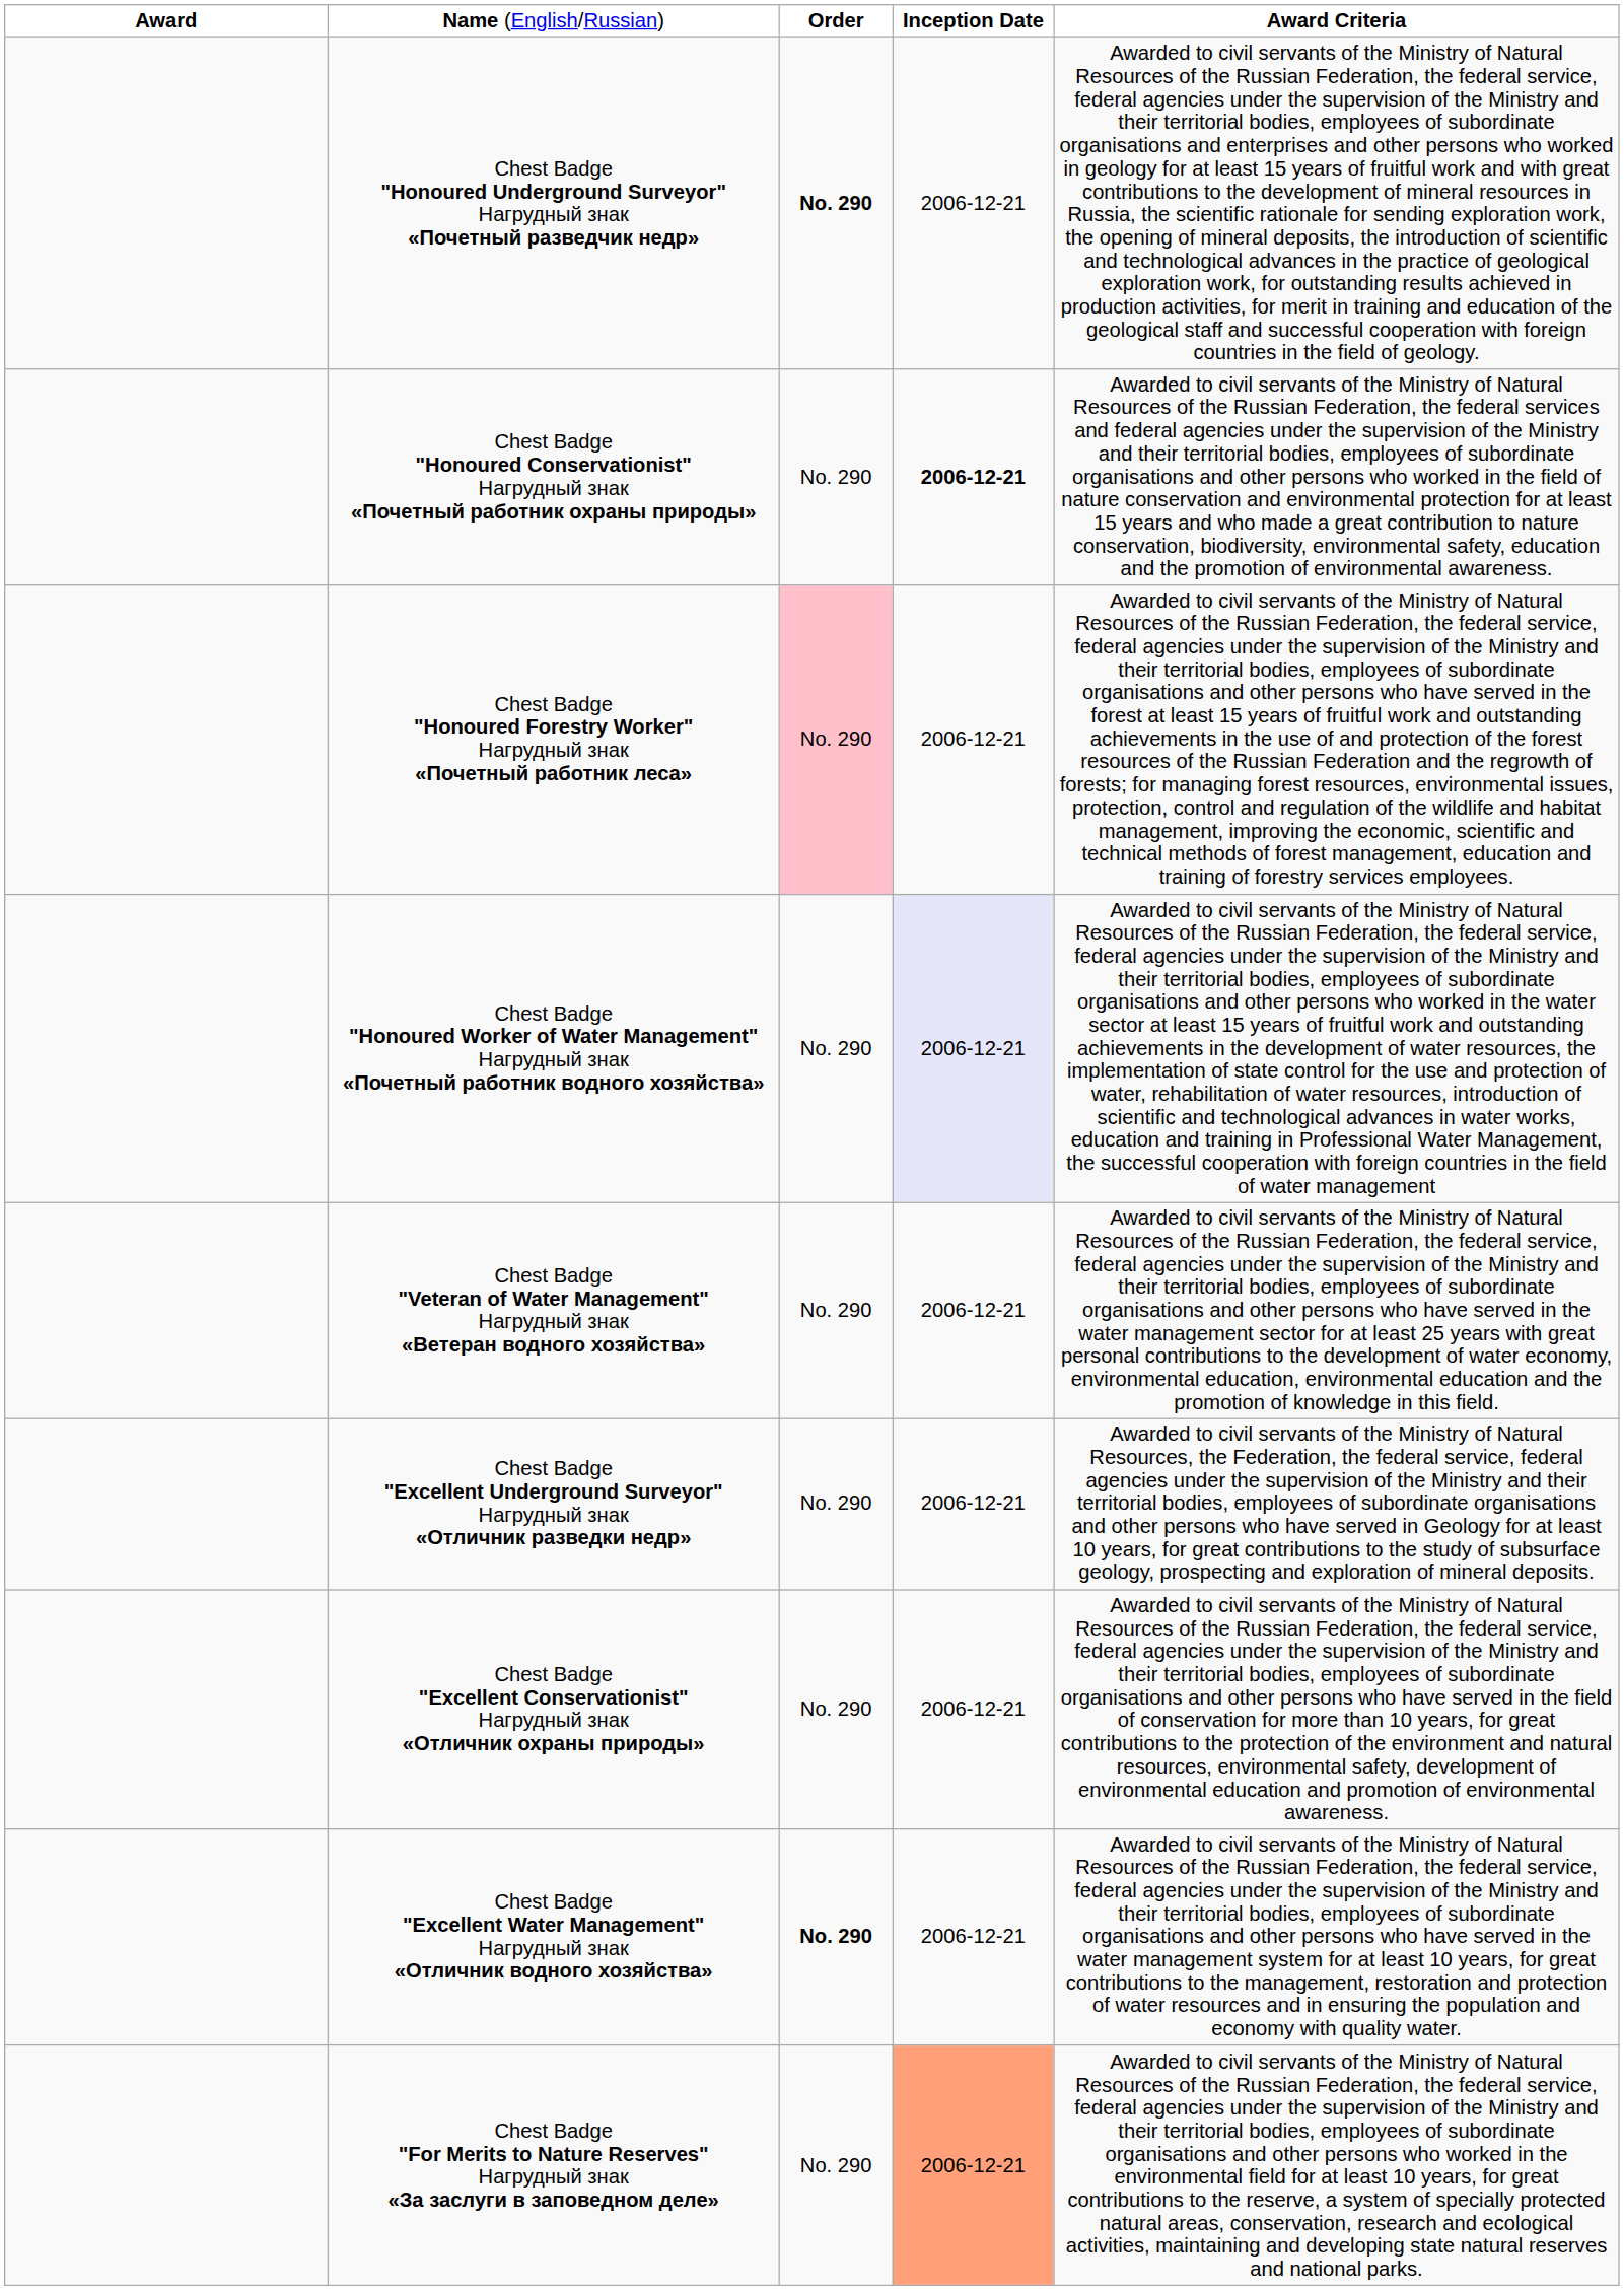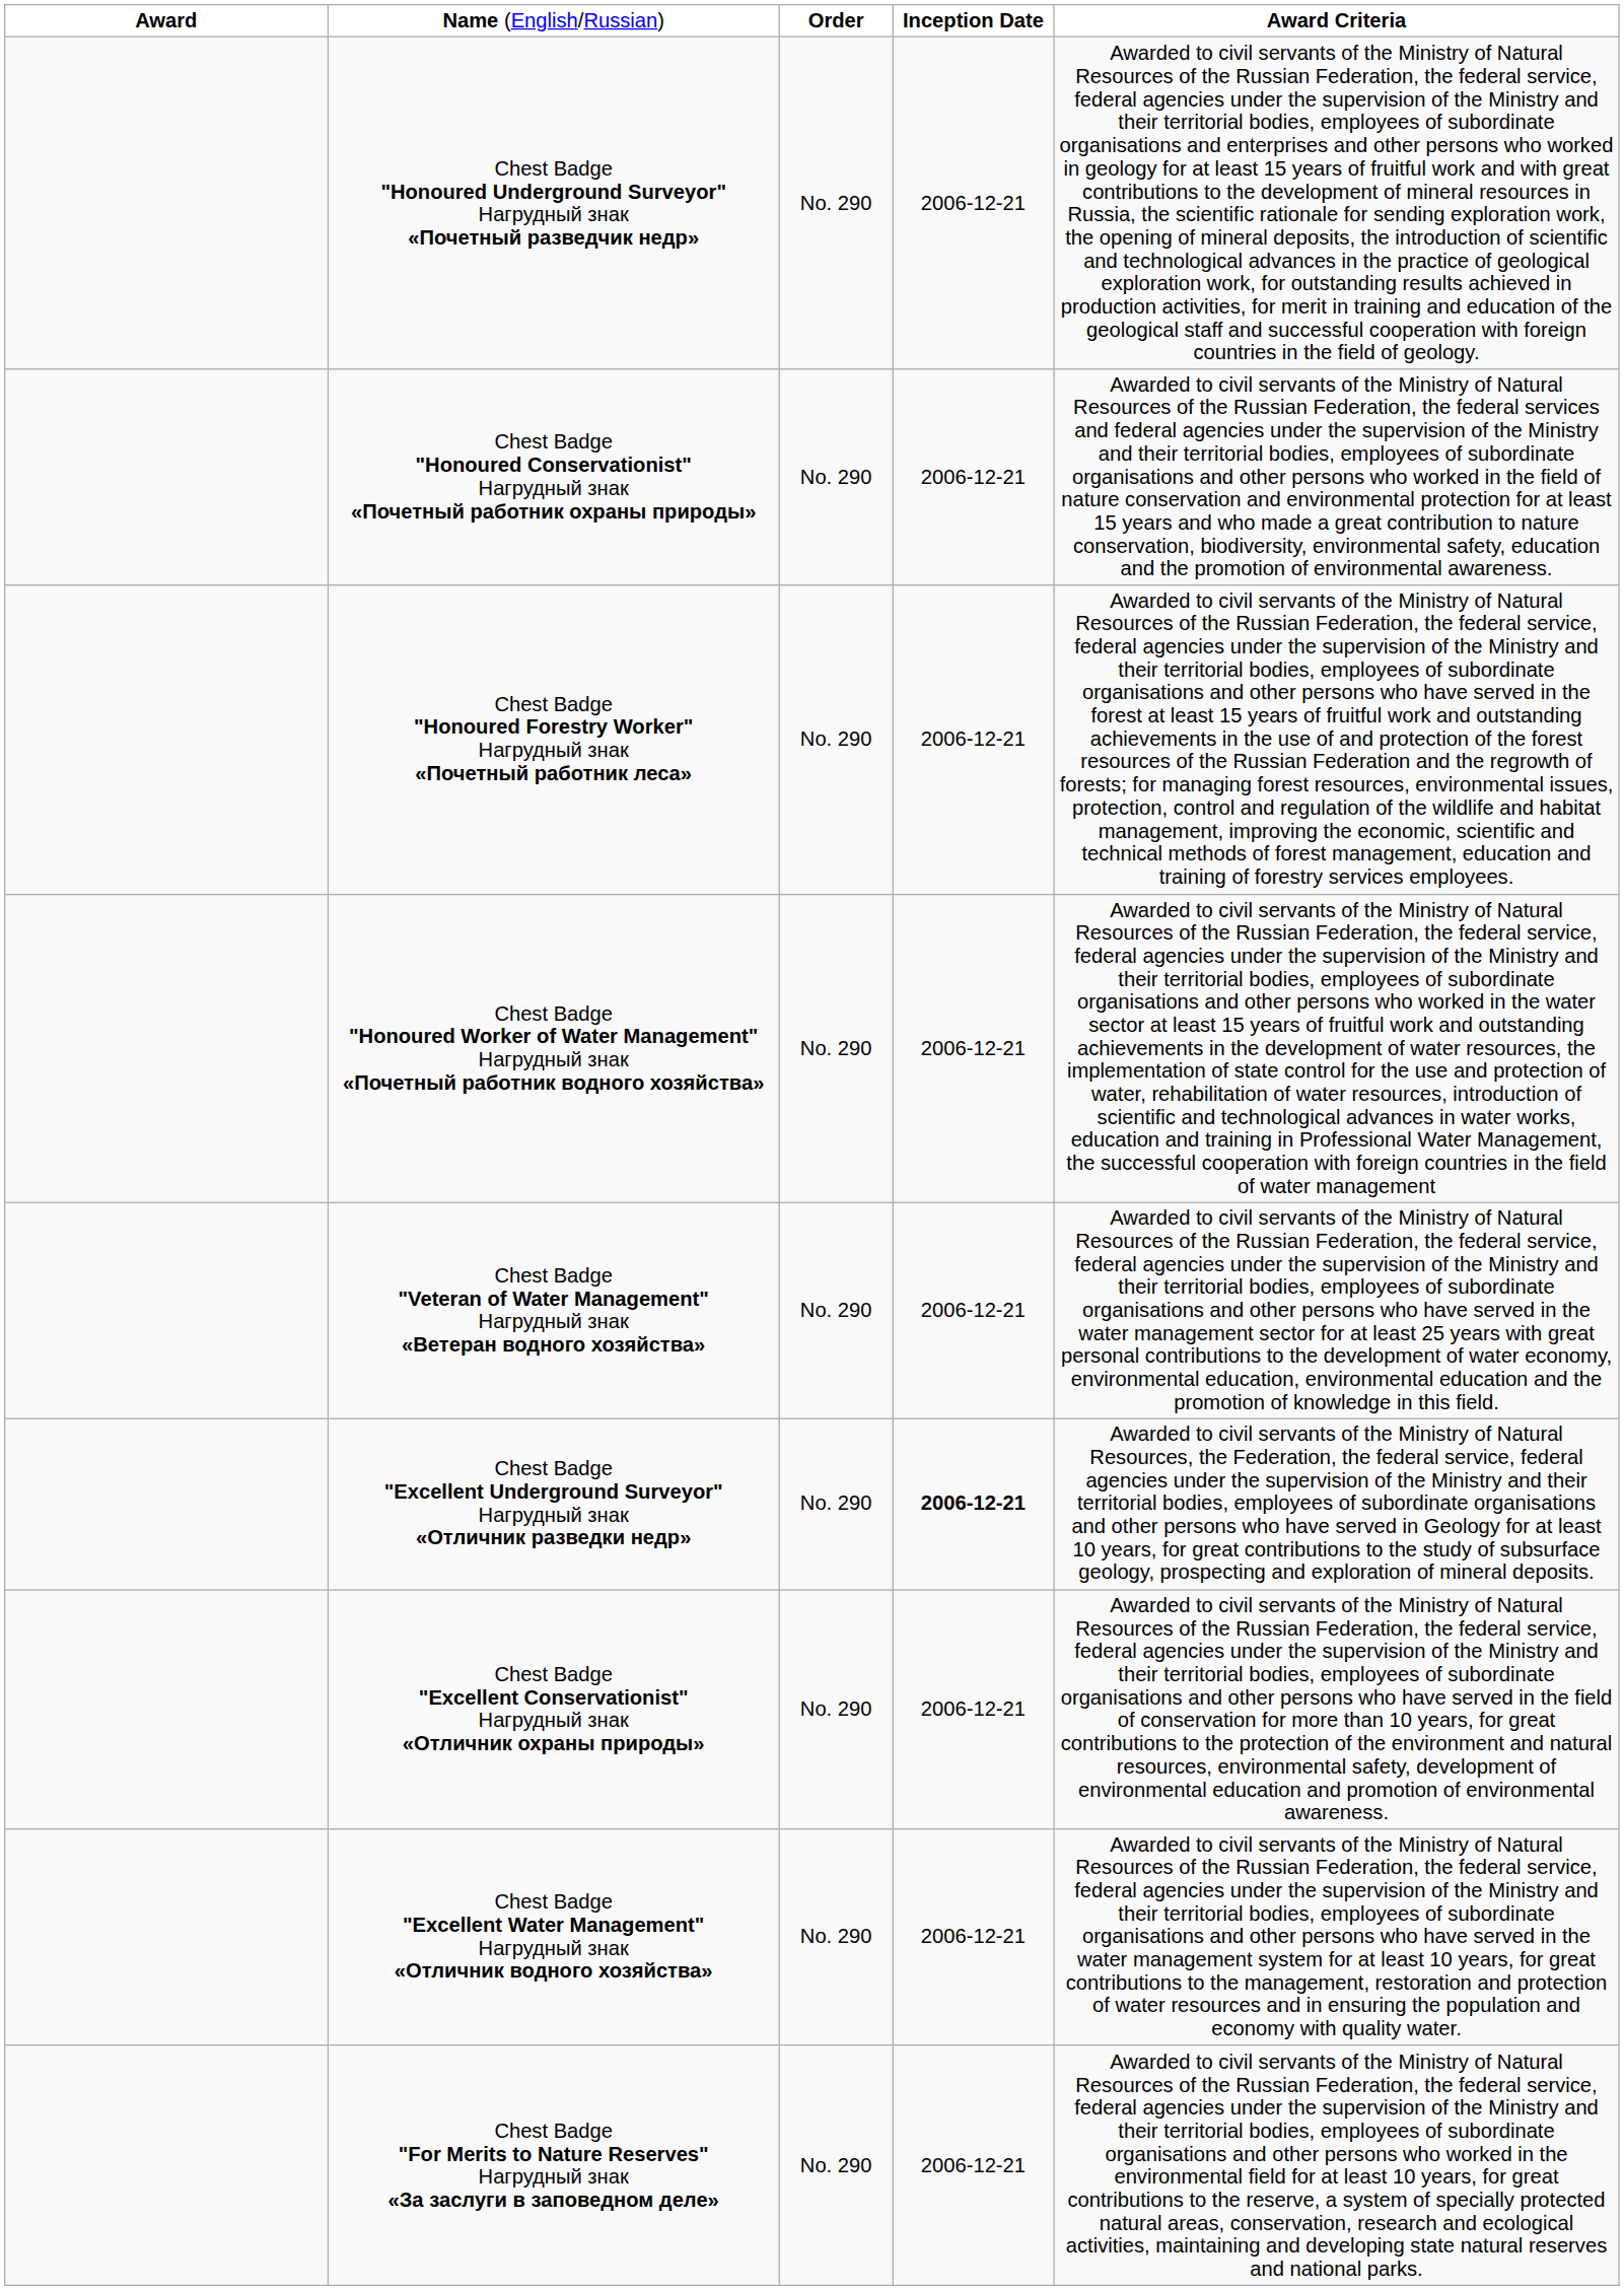 <table class="wikitable sortable" width="100%">
 <tr>
 <td width="20%" bgcolor="#FFFFFF" style="text-align:center;"><strong>Award</strong></td>
 <td width="28%" bgcolor="#FFFFFF" style="text-align:center;"><strong>Name</strong> (<a href='#'>English</a>/<a href='#'>Russian</a>)</td>
 <td width="07%" bgcolor="#FFFFFF" style="text-align:center;"><strong>Order</strong></td>
 <td width="10%" bgcolor="#FFFFFF" style="text-align:center;"><strong>Inception Date</strong></td>
 <td width="35%" bgcolor="#FFFFFF" style="text-align:center;"><strong>Award Criteria</strong></td>
 </tr>
 <tr>
 <td></td>
 <td style="text-align:center;">Chest Badge<br><strong>"Honoured Underground Surveyor"</strong><br>Нагрудный знак<br><strong>«Почетный разведчик недр»</strong></td>
-<td style="text-align:center;"><strong>No. 290</strong></td>
+<td style="text-align:center;">No. 290</td>
 <td style="text-align:center;">2006-12-21</td>
 <td style="text-align:center;">Awarded to civil servants of the Ministry of Natural Resources of the Russian Federation, the federal service, federal agencies under the supervision of the Ministry and their territorial bodies, employees of subordinate organisations and enterprises and other persons who worked in geology for at least 15 years of fruitful work and with great contributions to the development of mineral resources in Russia, the scientific rationale for sending exploration work, the opening of mineral deposits, the introduction of scientific and technological advances in the practice of geological exploration work, for outstanding results achieved in production activities, for merit in training and education of the geological staff and successful cooperation with foreign countries in the field of geology.</td>
 </tr>
 <tr>
 <td></td>
 <td style="text-align:center;">Chest Badge<br><strong>"Honoured Conservationist"</strong><br>Нагрудный знак<br><strong>«Почетный работник охраны природы»</strong></td>
 <td style="text-align:center;">No. 290</td>
-<td style="text-align:center;"><strong>2006-12-21</strong></td>
+<td style="text-align:center;">2006-12-21</td>
 <td style="text-align:center;">Awarded to civil servants of the Ministry of Natural Resources of the Russian Federation, the federal services and federal agencies under the supervision of the Ministry and their territorial bodies, employees of subordinate organisations and other persons who worked in the field of nature conservation and environmental protection for at least 15 years and who made a great contribution to nature conservation, biodiversity, environmental safety, education and the promotion of environmental awareness.</td>
 </tr>
 <tr>
 <td></td>
 <td style="text-align:center;">Chest Badge<br><strong>"Honoured Forestry Worker"</strong><br>Нагрудный знак<br><strong>«Почетный работник леса»</strong></td>
-<td style="background: pink; text-align:center;">No. 290</td>
+<td style="text-align:center;">No. 290</td>
 <td style="text-align:center;">2006-12-21</td>
 <td style="text-align:center;">Awarded to civil servants of the Ministry of Natural Resources of the Russian Federation, the federal service, federal agencies under the supervision of the Ministry and their territorial bodies, employees of subordinate organisations and other persons who have served in the forest at least 15 years of fruitful work and outstanding achievements in the use of and protection of the forest resources of the Russian Federation and the regrowth of forests; for managing forest resources, environmental issues, protection, control and regulation of the wildlife and habitat management, improving the economic, scientific and technical methods of forest management, education and training of forestry services employees.</td>
 </tr>
 <tr>
 <td></td>
 <td style="text-align:center;">Chest Badge<br><strong>"Honoured Worker of Water Management"</strong><br>Нагрудный знак<br><strong>«Почетный работник водного хозяйства»</strong></td>
 <td style="text-align:center;">No. 290</td>
-<td style="background: lavender; text-align:center;">2006-12-21</td>
+<td style="text-align:center;">2006-12-21</td>
 <td style="text-align:center;">Awarded to civil servants of the Ministry of Natural Resources of the Russian Federation, the federal service, federal agencies under the supervision of the Ministry and their territorial bodies, employees of subordinate organisations and other persons who worked in the water sector at least 15 years of fruitful work and outstanding achievements in the development of water resources, the implementation of state control for the use and protection of water, rehabilitation of water resources, introduction of scientific and technological advances in water works, education and training in Professional Water Management, the successful cooperation with foreign countries in the field of water management</td>
 </tr>
 <tr>
 <td></td>
 <td style="text-align:center;">Chest Badge<br><strong>"Veteran of Water Management"</strong><br>Нагрудный знак<br><strong>«Ветеран водного хозяйства»</strong></td>
 <td style="text-align:center;">No. 290</td>
 <td style="text-align:center;">2006-12-21</td>
 <td style="text-align:center;">Awarded to civil servants of the Ministry of Natural Resources of the Russian Federation, the federal service, federal agencies under the supervision of the Ministry and their territorial bodies, employees of subordinate organisations and other persons who have served in the water management sector for at least 25 years with great personal contributions to the development of water economy, environmental education, environmental education and the promotion of knowledge in this field.</td>
 </tr>
 <tr>
 <td></td>
 <td style="text-align:center;">Chest Badge<br><strong>"Excellent Underground Surveyor"</strong><br>Нагрудный знак<br><strong>«Отличник разведки недр»</strong></td>
 <td style="text-align:center;">No. 290</td>
-<td style="text-align:center;">2006-12-21</td>
+<td style="text-align:center;"><strong>2006-12-21</strong></td>
 <td style="text-align:center;">Awarded to civil servants of the Ministry of Natural Resources, the Federation, the federal service, federal agencies under the supervision of the Ministry and their territorial bodies, employees of subordinate organisations and other persons who have served in Geology for at least 10 years, for great contributions to the study of subsurface geology, prospecting and exploration of mineral deposits.</td>
 </tr>
 <tr>
 <td></td>
 <td style="text-align:center;">Chest Badge<br><strong>"Excellent Conservationist"</strong><br>Нагрудный знак<br><strong>«Отличник охраны природы»</strong></td>
 <td style="text-align:center;">No. 290</td>
 <td style="text-align:center;">2006-12-21</td>
 <td style="text-align:center;">Awarded to civil servants of the Ministry of Natural Resources of the Russian Federation, the federal service, federal agencies under the supervision of the Ministry and their territorial bodies, employees of subordinate organisations and other persons who have served in the field of conservation for more than 10 years, for great contributions to the protection of the environment and natural resources, environmental safety, development of environmental education and promotion of environmental awareness.</td>
 </tr>
 <tr>
 <td></td>
 <td style="text-align:center;">Chest Badge<br><strong>"Excellent Water Management"</strong><br>Нагрудный знак<br><strong>«Отличник водного хозяйства»</strong></td>
-<td style="text-align:center;"><strong>No. 290</strong></td>
+<td style="text-align:center;">No. 290</td>
 <td style="text-align:center;">2006-12-21</td>
 <td style="text-align:center;">Awarded to civil servants of the Ministry of Natural Resources of the Russian Federation, the federal service, federal agencies under the supervision of the Ministry and their territorial bodies, employees of subordinate organisations and other persons who have served in the water management system for at least 10 years, for great contributions to the management, restoration and protection of water resources and in ensuring the population and economy with quality water.</td>
 </tr>
 <tr>
 <td></td>
 <td style="text-align:center;">Chest Badge<br><strong>"For Merits to Nature Reserves"</strong><br>Нагрудный знак<br><strong>«За заслуги в заповедном деле»</strong></td>
 <td style="text-align:center;">No. 290</td>
-<td style="background: lightsalmon; text-align:center;">2006-12-21</td>
+<td style="text-align:center;">2006-12-21</td>
 <td style="text-align:center;">Awarded to civil servants of the Ministry of Natural Resources of the Russian Federation, the federal service, federal agencies under the supervision of the Ministry and their territorial bodies, employees of subordinate organisations and other persons who worked in the environmental field for at least 10 years, for great contributions to the reserve, a system of specially protected natural areas, conservation, research and ecological activities, maintaining and developing state natural reserves and national parks.</td>
 </tr>
 </table>
